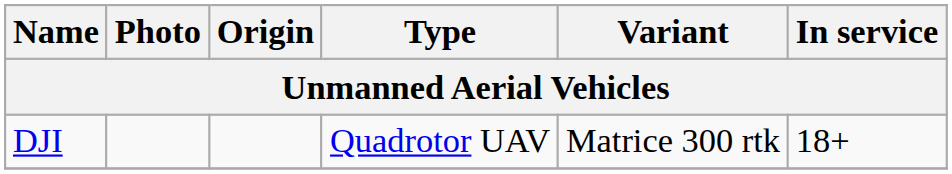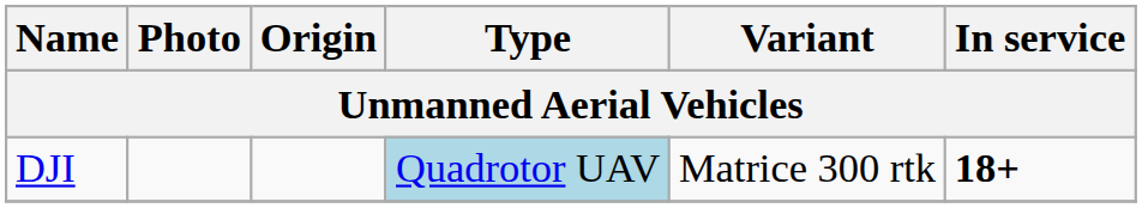 <table class="wikitable">
 <tr>
 <th>Name</th>
 <th>Photo</th>
 <th>Origin</th>
 <th>Type</th>
 <th>Variant</th>
 <th>In service</th>
 </tr>
 <tr>
 <th colspan="6">Unmanned Aerial Vehicles</th>
 </tr>
 <tr>
 <td><a href='#'>DJI</a></td>
 <td></td>
 <td></td>
-<td><a href='#'>Quadrotor</a> UAV</td>
+<td style="background: lightblue;"><a href='#'>Quadrotor</a> UAV</td>
 <td>Matrice 300 rtk</td>
-<td>18+</td>
+<td><strong>18+</strong></td>
 </tr>
 <tr>
 </tr>
 </table>
